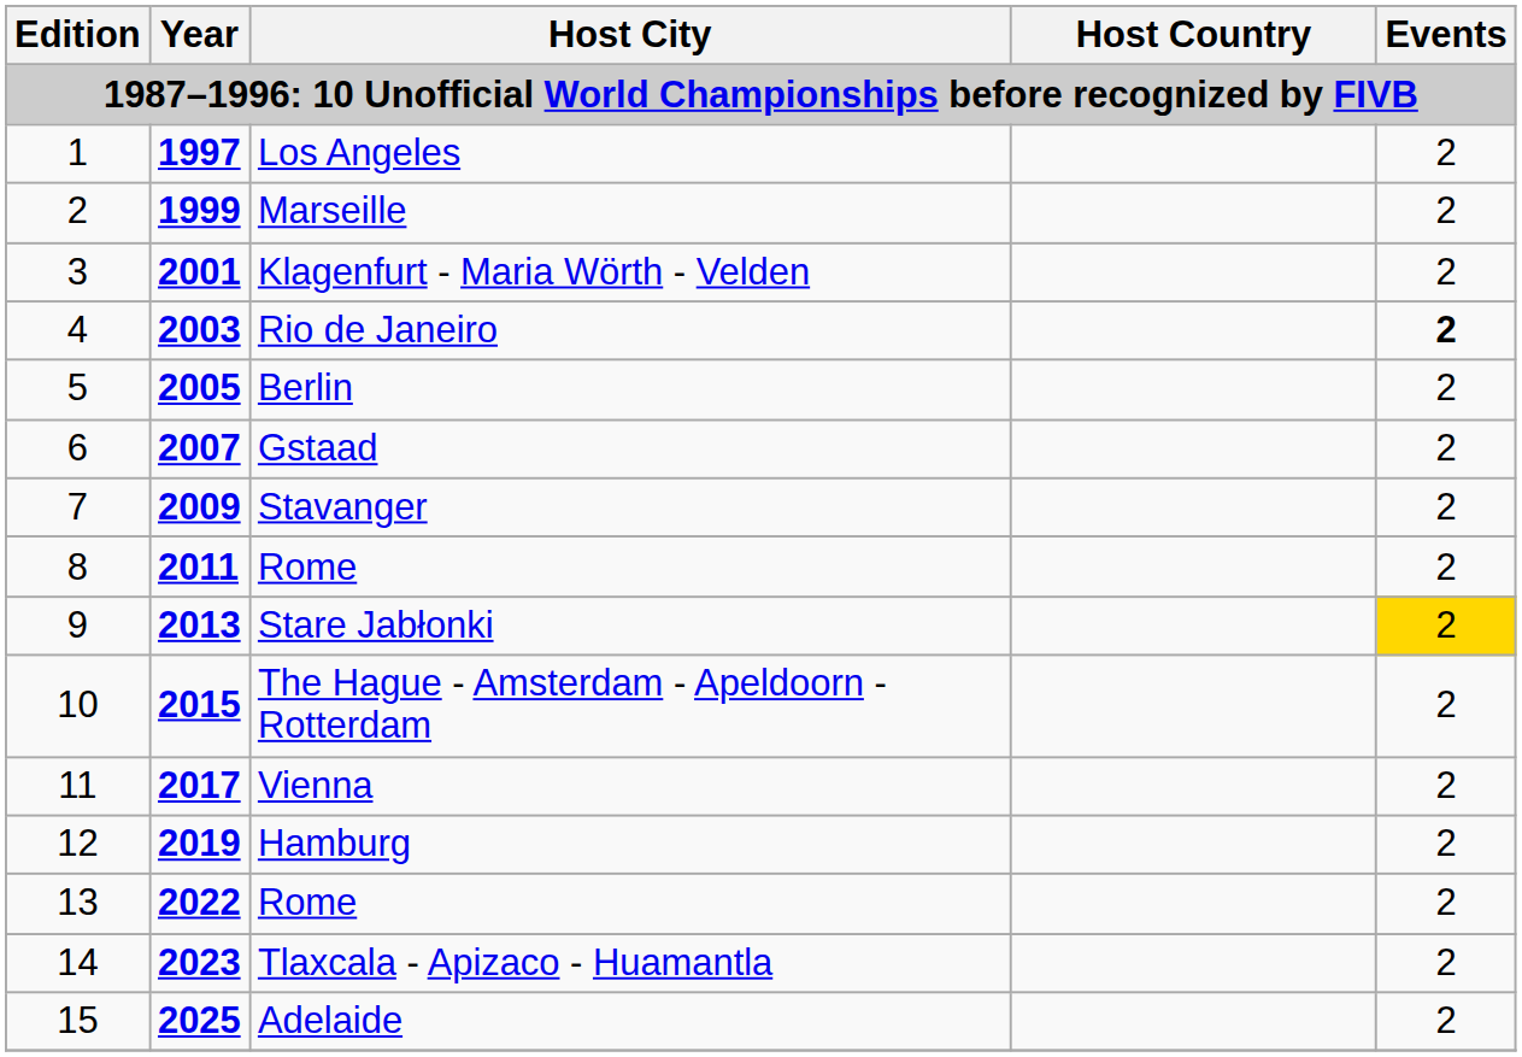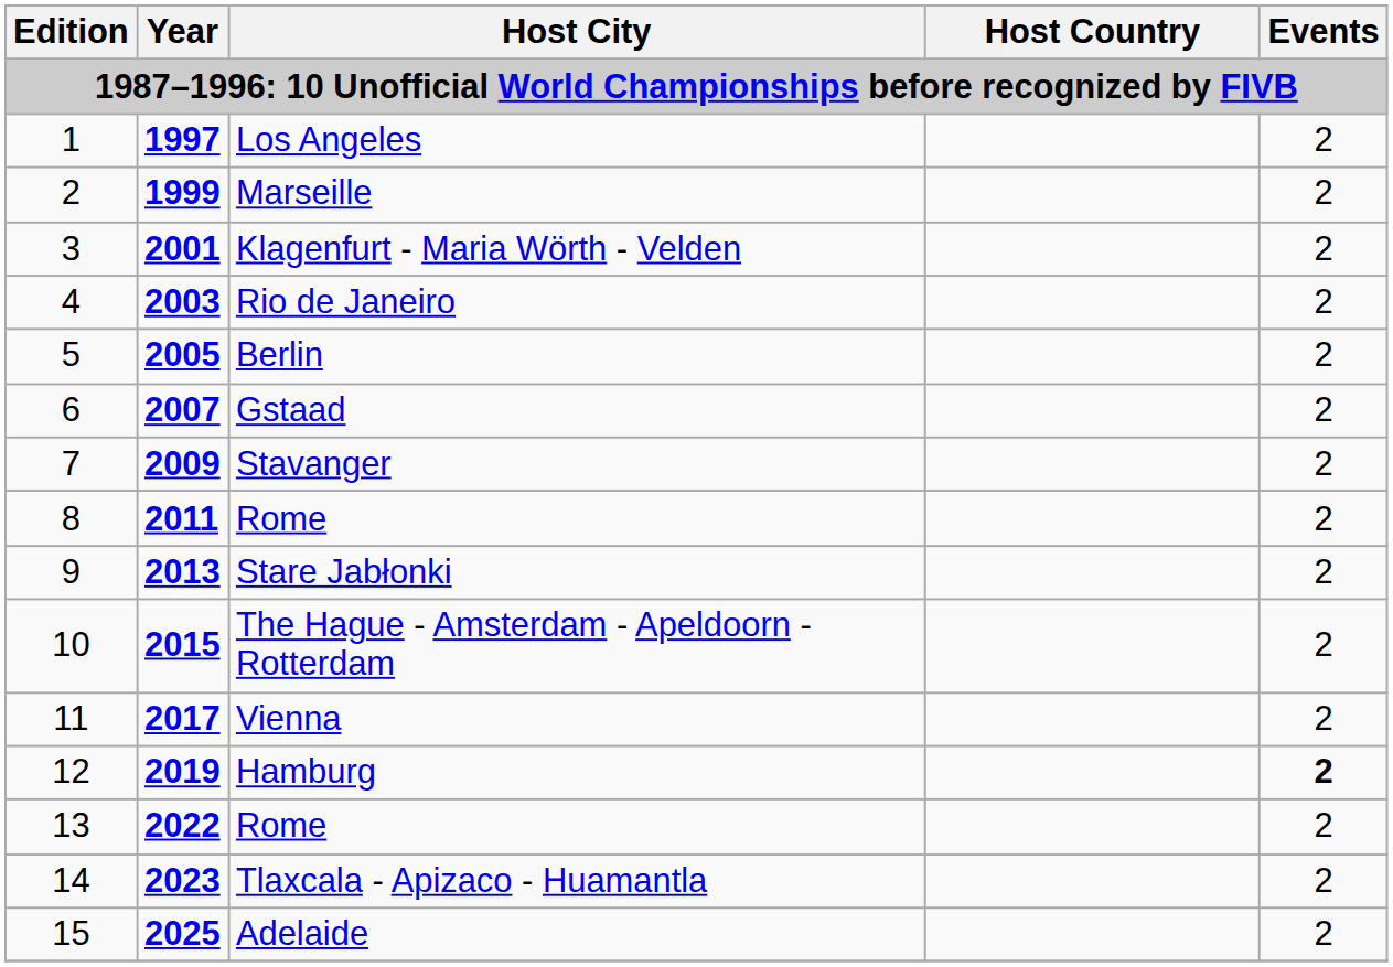 <table class="wikitable" style="font-size:100%">
 <tr>
 <th width=30>Edition</th>
 <th width=30>Year</th>
 <th width=320>Host City</th>
 <th width=150>Host Country</th>
 <th width=30>Events</th>
 </tr>
 <tr>
 <td colspan="5" bgcolor="#cccccc"align=center><strong>1987–1996: 10 Unofficial <a href='#'>World Championships</a> before recognized by <a href='#'>FIVB</a></strong></td>
 </tr>
 <tr>
 <td align=center>1</td>
 <td><strong><a href='#'>1997</a></strong></td>
 <td><a href='#'>Los Angeles</a></td>
 <td></td>
 <td align=center>2</td>
 </tr>
 <tr>
 <td align=center>2</td>
 <td><strong><a href='#'>1999</a></strong></td>
 <td><a href='#'>Marseille</a></td>
 <td></td>
 <td align=center>2</td>
 </tr>
 <tr>
 <td align=center>3</td>
 <td><strong><a href='#'>2001</a></strong></td>
 <td><a href='#'>Klagenfurt</a> - <a href='#'>Maria Wörth</a> - <a href='#'>Velden</a></td>
 <td></td>
 <td align=center>2</td>
 </tr>
 <tr>
 <td align=center>4</td>
 <td><strong><a href='#'>2003</a></strong></td>
 <td><a href='#'>Rio de Janeiro</a></td>
 <td></td>
-<td align=center><strong>2</strong></td>
+<td align=center>2</td>
 </tr>
 <tr>
 <td align=center>5</td>
 <td><strong><a href='#'>2005</a></strong></td>
 <td><a href='#'>Berlin</a></td>
 <td></td>
 <td align=center>2</td>
 </tr>
 <tr>
 <td align=center>6</td>
 <td><strong><a href='#'>2007</a></strong></td>
 <td><a href='#'>Gstaad</a></td>
 <td></td>
 <td align=center>2</td>
 </tr>
 <tr>
 <td align=center>7</td>
 <td><strong><a href='#'>2009</a></strong></td>
 <td><a href='#'>Stavanger</a></td>
 <td></td>
 <td align=center>2</td>
 </tr>
 <tr>
 <td align=center>8</td>
 <td><strong><a href='#'>2011</a></strong></td>
 <td><a href='#'>Rome</a></td>
 <td></td>
 <td align=center>2</td>
 </tr>
 <tr>
 <td align=center>9</td>
 <td><strong><a href='#'>2013</a></strong></td>
 <td><a href='#'>Stare Jabłonki</a></td>
 <td></td>
-<td align=center style="background: gold;">2</td>
+<td align=center>2</td>
 </tr>
 <tr>
 <td align=center>10</td>
 <td><strong><a href='#'>2015</a></strong></td>
 <td><a href='#'>The Hague</a> - <a href='#'>Amsterdam</a>	- <a href='#'>Apeldoorn</a> - <a href='#'>Rotterdam</a></td>
 <td></td>
 <td align=center>2</td>
 </tr>
 <tr>
 <td align=center>11</td>
 <td><strong><a href='#'>2017</a></strong></td>
 <td><a href='#'>Vienna</a></td>
 <td></td>
 <td align=center>2</td>
 </tr>
 <tr>
 <td align=center>12</td>
 <td><strong><a href='#'>2019</a></strong></td>
 <td><a href='#'>Hamburg</a></td>
 <td></td>
-<td align=center>2</td>
+<td align=center><strong>2</strong></td>
 </tr>
 <tr>
 <td align=center>13</td>
 <td><strong><a href='#'>2022</a></strong></td>
 <td><a href='#'>Rome</a></td>
 <td></td>
 <td align=center>2</td>
 </tr>
 <tr>
 <td align=center>14</td>
 <td><strong><a href='#'>2023</a></strong></td>
 <td><a href='#'>Tlaxcala</a> - <a href='#'>Apizaco</a> - <a href='#'>Huamantla</a></td>
 <td></td>
 <td align=center>2</td>
 </tr>
 <tr>
 <td align=center>15</td>
 <td><strong><a href='#'>2025</a></strong></td>
 <td><a href='#'>Adelaide</a></td>
 <td></td>
 <td align=center>2</td>
 </tr>
 <tr>
 </tr>
 </table>
